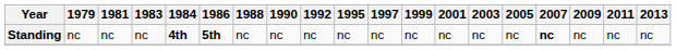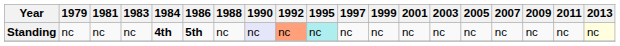 <table class="wikitable">
 <tr>
 <th>Year</th>
 <th>1979</th>
 <th>1981</th>
 <th>1983</th>
 <th>1984</th>
 <th>1986</th>
 <th>1988</th>
 <th>1990</th>
 <th>1992</th>
 <th>1995</th>
 <th>1997</th>
 <th>1999</th>
 <th>2001</th>
 <th>2003</th>
 <th>2005</th>
 <th>2007</th>
 <th>2009</th>
 <th>2011</th>
 <th>2013</th>
 </tr>
 <tr>
 <th>Standing</th>
 <td>nc</td>
 <td>nc</td>
 <td>nc</td>
 <td><strong>4th</strong></td>
 <td><strong>5th</strong></td>
 <td>nc</td>
+<td style="background: lavender;">nc</td>
+<td style="background: lightsalmon;">nc</td>
+<td style="background: paleturquoise;">nc</td>
 <td>nc</td>
 <td>nc</td>
 <td>nc</td>
 <td>nc</td>
 <td>nc</td>
 <td>nc</td>
 <td>nc</td>
 <td>nc</td>
-<td><strong>nc</strong></td>
-<td>nc</td>
-<td>nc</td>
-<td>nc</td>
+<td style="background: lightyellow;">nc</td>
 </tr>
 <tr>
 </tr>
 </table>
